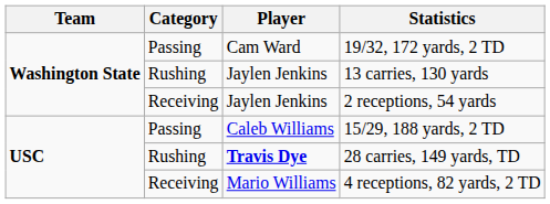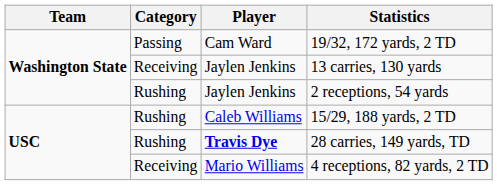 <table class="wikitable" style="float: right;">
 <tr>
 <th>Team</th>
 <th>Category</th>
 <th>Player</th>
 <th>Statistics</th>
 </tr>
 <tr>
 <td rowspan=3><strong>Washington State</strong></td>
 <td>Passing</td>
 <td>Cam Ward</td>
 <td>19/32, 172 yards, 2 TD</td>
 </tr>
 <tr>
-<td>Rushing</td>
+<td>Receiving</td>
 <td>Jaylen Jenkins</td>
 <td>13 carries, 130 yards</td>
 </tr>
 <tr>
-<td>Receiving</td>
+<td>Rushing</td>
 <td>Jaylen Jenkins</td>
 <td>2 receptions, 54 yards</td>
 </tr>
 <tr>
 <td rowspan=3><strong>USC</strong></td>
-<td>Passing</td>
+<td>Rushing</td>
 <td><a href='#'>Caleb Williams</a></td>
 <td>15/29, 188 yards, 2 TD</td>
 </tr>
 <tr>
 <td>Rushing</td>
 <td><strong><a href='#'>Travis Dye</a></strong></td>
 <td>28 carries, 149 yards, TD</td>
 </tr>
 <tr>
 <td>Receiving</td>
 <td><a href='#'>Mario Williams</a></td>
 <td>4 receptions, 82 yards, 2 TD</td>
 </tr>
 </table>
